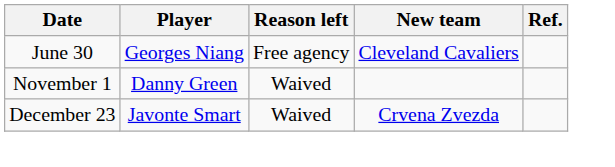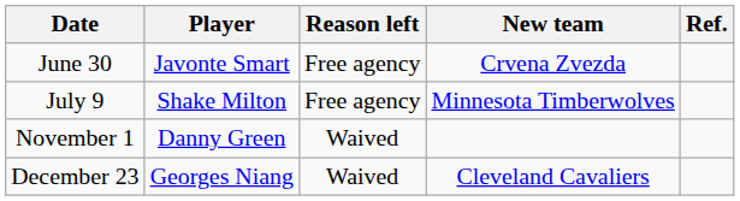 <table class="wikitable sortable sortable" style="text-align: center">
 <tr>
 <th>Date</th>
 <th>Player</th>
 <th>Reason left</th>
 <th>New team</th>
 <th>Ref.</th>
 </tr>
 <tr>
 <td>June 30</td>
-<td><a href='#'>Georges Niang</a></td>
+<td><a href='#'>Javonte Smart</a></td>
 <td>Free agency</td>
-<td><a href='#'>Cleveland Cavaliers</a></td>
+<td><a href='#'>Crvena Zvezda</a></td>
+<td></td>
+</tr>
+<tr>
+<td>July 9</td>
+<td><a href='#'>Shake Milton</a></td>
+<td>Free agency</td>
+<td><a href='#'>Minnesota Timberwolves</a></td>
 <td></td>
 </tr>
 <tr>
 <td>November 1</td>
 <td><a href='#'>Danny Green</a></td>
 <td>Waived</td>
 <td></td>
 <td></td>
 </tr>
 <tr>
 <td>December 23</td>
-<td><a href='#'>Javonte Smart</a></td>
+<td><a href='#'>Georges Niang</a></td>
 <td>Waived</td>
-<td><a href='#'>Crvena Zvezda</a></td>
+<td><a href='#'>Cleveland Cavaliers</a></td>
 <td></td>
 </tr>
 </table>
